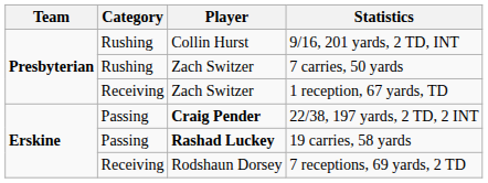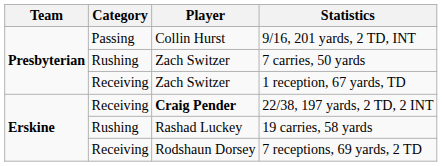 <table class="wikitable" style="float: right;">
 <tr>
 <th>Team</th>
 <th>Category</th>
 <th>Player</th>
 <th>Statistics</th>
 </tr>
 <tr>
 <td rowspan=3><strong>Presbyterian</strong></td>
-<td>Rushing</td>
+<td>Passing</td>
 <td>Collin Hurst</td>
 <td>9/16, 201 yards, 2 TD, INT</td>
 </tr>
 <tr>
 <td>Rushing</td>
 <td>Zach Switzer</td>
 <td>7 carries, 50 yards</td>
 </tr>
 <tr>
 <td>Receiving</td>
 <td>Zach Switzer</td>
 <td>1 reception, 67 yards, TD</td>
 </tr>
 <tr>
 <td rowspan=3><strong>Erskine</strong></td>
-<td>Passing</td>
+<td>Receiving</td>
 <td><strong>Craig Pender</strong></td>
 <td>22/38, 197 yards, 2 TD, 2 INT</td>
 </tr>
 <tr>
-<td>Passing</td>
-<td><strong>Rashad Luckey</strong></td>
+<td>Rushing</td>
+<td>Rashad Luckey</td>
 <td>19 carries, 58 yards</td>
 </tr>
 <tr>
 <td>Receiving</td>
 <td>Rodshaun Dorsey</td>
 <td>7 receptions, 69 yards, 2 TD</td>
 </tr>
 </table>
